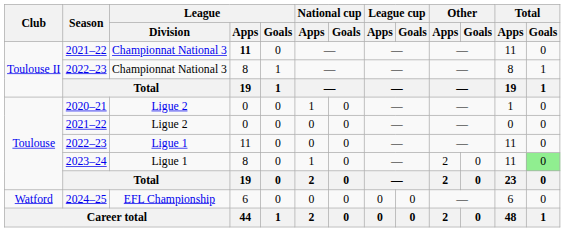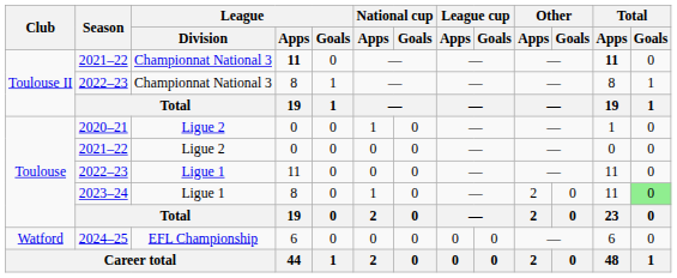 <table class="wikitable" style="text-align: center;">
 <tr>
 <th rowspan="2">Club</th>
 <th rowspan="2">Season</th>
 <th colspan="3">League</th>
 <th colspan="2">National cup</th>
 <th colspan="2">League cup</th>
 <th colspan="2">Other</th>
 <th colspan="2">Total</th>
 </tr>
 <tr>
 <th>Division</th>
 <th>Apps</th>
 <th>Goals</th>
 <th>Apps</th>
 <th>Goals</th>
 <th>Apps</th>
 <th>Goals</th>
 <th>Apps</th>
 <th>Goals</th>
 <th>Apps</th>
 <th>Goals</th>
 </tr>
 <tr>
 <td rowspan=3><a href='#'>Toulouse II</a></td>
 <td><a href='#'>2021–22</a></td>
 <td><a href='#'>Championnat National 3</a></td>
 <td><strong>11</strong></td>
 <td>0</td>
 <td colspan=2>—</td>
 <td colspan=2>—</td>
 <td colspan=2>—</td>
-<td>11</td>
+<td><strong>11</strong></td>
 <td>0</td>
 </tr>
 <tr>
 <td><a href='#'>2022–23</a></td>
 <td>Championnat National 3</td>
 <td>8</td>
 <td>1</td>
 <td colspan=2>—</td>
 <td colspan=2>—</td>
 <td colspan=2>—</td>
 <td>8</td>
 <td>1</td>
 </tr>
 <tr>
 <th colspan=2>Total</th>
 <th>19</th>
 <th>1</th>
 <th colspan=2>—</th>
 <th colspan=2>—</th>
 <th colspan=2>—</th>
 <th>19</th>
 <th>1</th>
 </tr>
 <tr>
 <td rowspan=5><a href='#'>Toulouse</a></td>
 <td><a href='#'>2020–21</a></td>
 <td><a href='#'>Ligue 2</a></td>
 <td>0</td>
 <td>0</td>
 <td>1</td>
 <td>0</td>
 <td colspan=2>—</td>
 <td colspan=2>—</td>
 <td>1</td>
 <td>0</td>
 </tr>
 <tr>
 <td><a href='#'>2021–22</a></td>
 <td>Ligue 2</td>
 <td>0</td>
 <td>0</td>
 <td>0</td>
 <td>0</td>
 <td colspan=2>—</td>
 <td colspan=2>—</td>
 <td>0</td>
 <td>0</td>
 </tr>
 <tr>
 <td><a href='#'>2022–23</a></td>
 <td><a href='#'>Ligue 1</a></td>
 <td>11</td>
 <td>0</td>
 <td>0</td>
 <td>0</td>
 <td colspan=2>—</td>
 <td colspan=2>—</td>
 <td>11</td>
 <td>0</td>
 </tr>
 <tr>
 <td><a href='#'>2023–24</a></td>
 <td>Ligue 1</td>
 <td>8</td>
 <td>0</td>
 <td>1</td>
 <td>0</td>
 <td colspan=2>—</td>
 <td>2</td>
 <td>0</td>
 <td>11</td>
 <td style="background: lightgreen;">0</td>
 </tr>
 <tr>
 <th colspan=2>Total</th>
 <th>19</th>
 <th>0</th>
 <th>2</th>
 <th>0</th>
 <th colspan=2>—</th>
 <th>2</th>
 <th>0</th>
 <th>23</th>
 <th>0</th>
 </tr>
 <tr>
 <td><a href='#'>Watford</a></td>
 <td><a href='#'>2024–25</a></td>
 <td><a href='#'>EFL Championship</a></td>
 <td>6</td>
 <td>0</td>
 <td>0</td>
 <td>0</td>
 <td>0</td>
 <td>0</td>
 <td colspan=2>—</td>
 <td>6</td>
 <td>0</td>
 </tr>
 <tr>
 <th colspan="3">Career total</th>
 <th>44</th>
 <th>1</th>
 <th>2</th>
 <th>0</th>
 <th>0</th>
 <th>0</th>
 <th>2</th>
 <th>0</th>
 <th>48</th>
 <th>1</th>
 </tr>
 </table>
